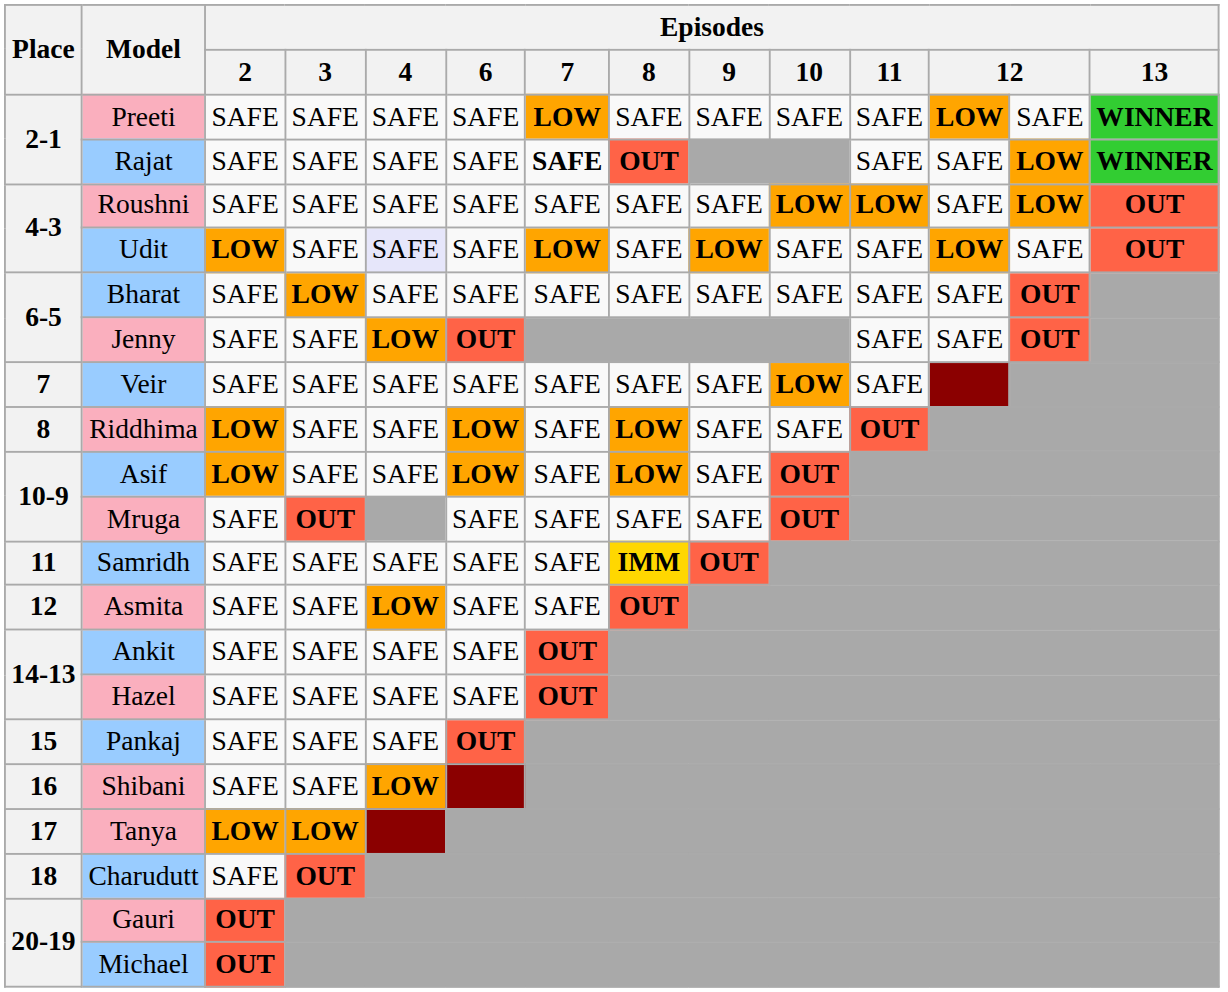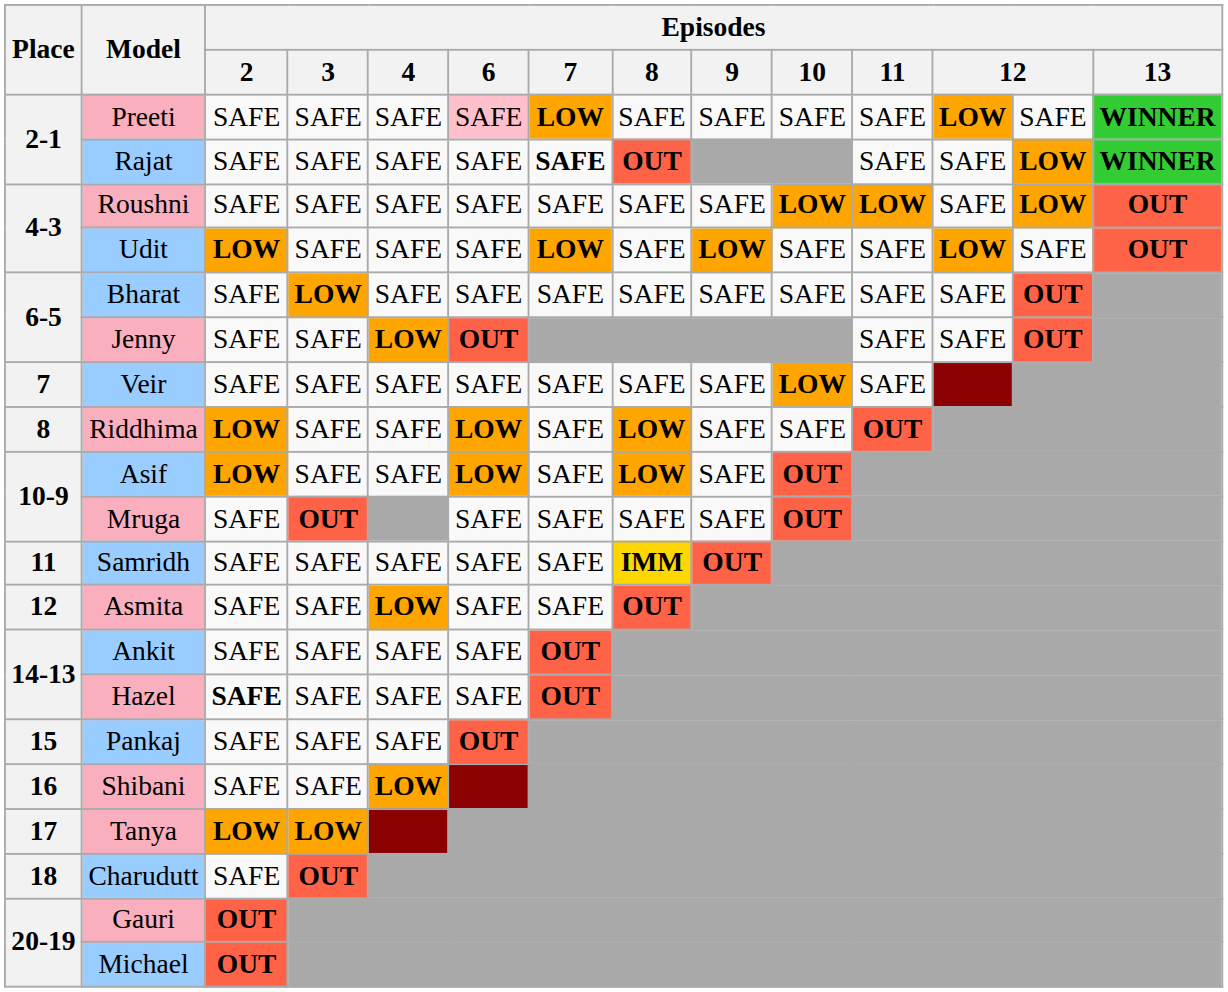 <table class="wikitable" style="text-align:center; font-size:92%">
 <tr>
 <th rowspan="2">Place</th>
 <th rowspan="2">Model</th>
 <th colspan="17">Episodes</th>
 </tr>
 <tr>
 <th>2</th>
 <th>3</th>
 <th>4</th>
 <th>6</th>
 <th>7</th>
 <th>8</th>
 <th>9</th>
 <th>10</th>
 <th>11</th>
 <th colspan=2>12</th>
 <th>13</th>
 </tr>
 <tr>
 <th rowspan=2>2-1</th>
 <td style="background:#faafbe">Preeti</td>
 <td>SAFE</td>
 <td>SAFE</td>
 <td>SAFE</td>
-<td>SAFE</td>
+<td style="background: pink;">SAFE</td>
 <td style="background:orange;"><strong>LOW</strong></td>
 <td>SAFE</td>
 <td>SAFE</td>
 <td>SAFE</td>
 <td>SAFE</td>
 <td style="background:orange;"><strong>LOW</strong></td>
 <td>SAFE</td>
 <td style="background:limegreen;"><strong>WINNER</strong></td>
 </tr>
 <tr>
 <td style="background:#9cf;">Rajat</td>
 <td>SAFE</td>
 <td>SAFE</td>
 <td>SAFE</td>
 <td>SAFE</td>
 <td><strong>SAFE</strong></td>
 <td style="background:tomato;"><strong>OUT</strong></td>
 <td colspan=2 style="background:darkgrey"></td>
 <td>SAFE</td>
 <td>SAFE</td>
 <td style="background:orange;"><strong>LOW</strong></td>
 <td style="background:limegreen;"><strong>WINNER</strong></td>
 </tr>
 <tr>
 <th rowspan=2>4-3</th>
 <td style="background:#faafbe">Roushni</td>
 <td>SAFE</td>
 <td>SAFE</td>
 <td>SAFE</td>
 <td>SAFE</td>
 <td>SAFE</td>
 <td>SAFE</td>
 <td>SAFE</td>
 <td style="background:orange;"><strong>LOW</strong></td>
 <td style="background:orange;"><strong>LOW</strong></td>
 <td>SAFE</td>
 <td style="background:orange;"><strong>LOW</strong></td>
 <td style="background:tomato;"><strong>OUT</strong></td>
 </tr>
 <tr>
 <td style="background:#9cf;">Udit</td>
 <td style="background:orange;"><strong>LOW</strong></td>
 <td>SAFE</td>
-<td style="background: lavender;">SAFE</td>
+<td>SAFE</td>
 <td>SAFE</td>
 <td style="background:orange;"><strong>LOW</strong></td>
 <td>SAFE</td>
 <td style="background:orange;"><strong>LOW</strong></td>
 <td>SAFE</td>
 <td>SAFE</td>
 <td style="background:orange;"><strong>LOW</strong></td>
 <td>SAFE</td>
 <td style="background:tomato;"><strong>OUT</strong></td>
 </tr>
 <tr>
 <th rowspan=2>6-5</th>
 <td style="background:#9cf;">Bharat</td>
 <td>SAFE</td>
 <td style="background:orange;"><strong>LOW</strong></td>
 <td>SAFE</td>
 <td>SAFE</td>
 <td>SAFE</td>
 <td>SAFE</td>
 <td>SAFE</td>
 <td>SAFE</td>
 <td>SAFE</td>
 <td>SAFE</td>
 <td style="background:tomato;"><strong>OUT</strong></td>
 <td colspan="4" style="background:darkgrey"></td>
 </tr>
 <tr>
 <td style="background:#faafbe">Jenny</td>
 <td>SAFE</td>
 <td>SAFE</td>
 <td style="background:orange;"><strong>LOW</strong></td>
 <td style="background:tomato;"><strong>OUT</strong></td>
 <td colspan="4" style="background:darkgrey"></td>
 <td>SAFE</td>
 <td>SAFE</td>
 <td style="background:tomato;"><strong>OUT</strong></td>
 <td colspan="4" style="background:darkgrey"></td>
 </tr>
 <tr>
 <th>7</th>
 <td style="background:#9cf;">Veir</td>
 <td>SAFE</td>
 <td>SAFE</td>
 <td>SAFE</td>
 <td>SAFE</td>
 <td>SAFE</td>
 <td>SAFE</td>
 <td>SAFE</td>
 <td style="background:orange;"><strong>LOW</strong></td>
 <td>SAFE</td>
 <td style="background:darkred;"><strong></strong></td>
 <td colspan="4" style="background:darkgrey"></td>
 </tr>
 <tr>
 <th>8</th>
 <td style="background:#faafbe">Riddhima</td>
 <td style="background:orange;"><strong>LOW</strong></td>
 <td>SAFE</td>
 <td>SAFE</td>
 <td style="background:orange;"><strong>LOW</strong></td>
 <td>SAFE</td>
 <td style="background:orange;"><strong>LOW</strong></td>
 <td>SAFE</td>
 <td>SAFE</td>
 <td style="background:tomato;"><strong>OUT</strong></td>
 <td colspan="12" style="background:darkgrey"></td>
 </tr>
 <tr>
 <th rowspan=2>10-9</th>
 <td style="background:#9cf;">Asif</td>
 <td style="background:orange;"><strong>LOW</strong></td>
 <td>SAFE</td>
 <td>SAFE</td>
 <td style="background:orange;"><strong>LOW</strong></td>
 <td>SAFE</td>
 <td style="background:orange;"><strong>LOW</strong></td>
 <td>SAFE</td>
 <td style="background:tomato;"><strong>OUT</strong></td>
 <td colspan="11" style="background:darkgrey"></td>
 </tr>
 <tr>
 <td style="background:#faafbe">Mruga</td>
 <td>SAFE</td>
 <td style="background:tomato;"><strong>OUT</strong></td>
 <td style="background:darkgrey"></td>
 <td>SAFE</td>
 <td>SAFE</td>
 <td>SAFE</td>
 <td>SAFE</td>
 <td style="background:tomato;"><strong>OUT</strong></td>
 <td colspan="11" style="background:darkgrey"></td>
 </tr>
 <tr>
 <th>11</th>
 <td style="background:#9cf;">Samridh</td>
 <td>SAFE</td>
 <td>SAFE</td>
 <td>SAFE</td>
 <td>SAFE</td>
 <td>SAFE</td>
 <td style="background:gold;"><strong>IMM</strong></td>
 <td style="background:tomato;"><strong>OUT</strong></td>
 <td colspan="5" style="background:darkgrey"></td>
 </tr>
 <tr>
 <th>12</th>
 <td style="background:#faafbe">Asmita</td>
 <td>SAFE</td>
 <td>SAFE</td>
 <td style="background:orange;"><strong>LOW</strong></td>
 <td>SAFE</td>
 <td>SAFE</td>
 <td style="background:tomato;"><strong>OUT</strong></td>
 <td colspan="8" style="background:darkgrey"></td>
 </tr>
 <tr>
 <th rowspan=2>14-13</th>
 <td style="background:#9cf;">Ankit</td>
 <td>SAFE</td>
 <td>SAFE</td>
 <td>SAFE</td>
 <td>SAFE</td>
 <td style="background:tomato;"><strong>OUT</strong></td>
 <td colspan="7" style="background:darkgrey"></td>
 </tr>
 <tr>
 <td style="background:#faafbe">Hazel</td>
-<td>SAFE</td>
+<td><strong>SAFE</strong></td>
 <td>SAFE</td>
 <td>SAFE</td>
 <td>SAFE</td>
 <td style="background:tomato;"><strong>OUT</strong></td>
 <td colspan="7" style="background:darkgrey"></td>
 </tr>
 <tr>
 <th>15</th>
 <td style="background:#9cf;">Pankaj</td>
 <td>SAFE</td>
 <td>SAFE</td>
 <td>SAFE</td>
 <td style="background:tomato;"><strong>OUT</strong></td>
 <td colspan="13" style="background:darkgrey"></td>
 </tr>
 <tr>
 <th>16</th>
 <td style="background:#faafbe">Shibani</td>
 <td>SAFE</td>
 <td>SAFE</td>
 <td style="background:orange;"><strong>LOW</strong></td>
 <td style="background:darkred;"><strong></strong></td>
 <td colspan="13" style="background:darkgrey"></td>
 </tr>
 <tr>
 <th>17</th>
 <td style="background:#faafbe">Tanya</td>
 <td style="background:orange;"><strong>LOW</strong></td>
 <td style="background:orange;"><strong>LOW</strong></td>
 <td style="background:darkred;"><strong></strong></td>
 <td colspan="13" style="background:darkgrey"></td>
 </tr>
 <tr>
 <th>18</th>
 <td style="background:#9cf;">Charudutt</td>
 <td>SAFE</td>
 <td style="background:tomato;"><strong>OUT</strong></td>
 <td colspan="14" style="background:darkgrey"></td>
 </tr>
 <tr>
 <th rowspan=2>20-19</th>
 <td style="background:#faafbe">Gauri</td>
 <td style="background:tomato;"><strong>OUT</strong></td>
 <td colspan="15" style="background:darkgrey"></td>
 </tr>
 <tr>
 <td style="background:#9cf;">Michael</td>
 <td style="background:tomato;"><strong>OUT</strong></td>
 <td colspan="16" style="background:darkgrey"></td>
 </tr>
 </table>
